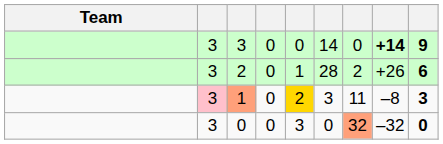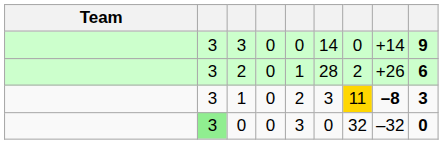 <table class="wikitable" style="text-align: center;">
 <tr>
 <th width="175">Team</th>
 <th width="20"></th>
 <th width="20"></th>
 <th width="20"></th>
 <th width="20"></th>
 <th width="20"></th>
 <th width="20"></th>
 <th width="20"></th>
 <th width="20"></th>
 </tr>
 <tr bgcolor=ccffcc>
 <td align=left></td>
 <td>3</td>
 <td>3</td>
 <td>0</td>
 <td>0</td>
 <td>14</td>
 <td>0</td>
-<td><strong>+14</strong></td>
+<td>+14</td>
 <td><strong>9</strong></td>
 </tr>
 <tr bgcolor=ccffcc>
 <td align=left></td>
 <td>3</td>
 <td>2</td>
 <td>0</td>
 <td>1</td>
 <td>28</td>
 <td>2</td>
 <td>+26</td>
 <td><strong>6</strong></td>
 </tr>
 <tr>
 <td align=left></td>
-<td style="background: pink;">3</td>
-<td style="background: lightsalmon;">1</td>
+<td>3</td>
+<td>1</td>
 <td>0</td>
-<td style="background: gold;">2</td>
+<td>2</td>
 <td>3</td>
-<td>11</td>
-<td>–8</td>
+<td style="background: gold;">11</td>
+<td><strong>–8</strong></td>
 <td><strong>3</strong></td>
 </tr>
 <tr>
 <td align=left></td>
-<td>3</td>
+<td style="background: lightgreen;">3</td>
 <td>0</td>
 <td>0</td>
 <td>3</td>
 <td>0</td>
-<td style="background: lightsalmon;">32</td>
+<td>32</td>
 <td>–32</td>
 <td><strong>0</strong></td>
 </tr>
 </table>
